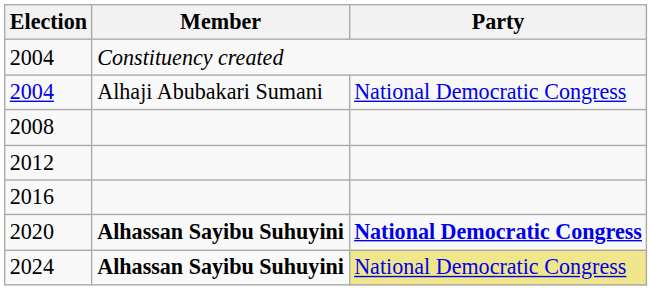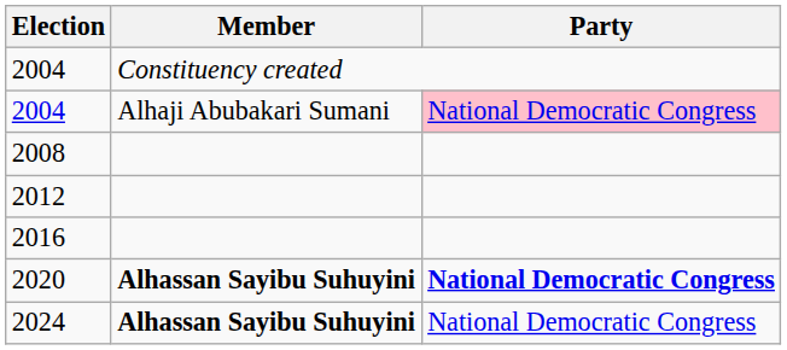 <table class="wikitable">
 <tr>
 <th>Election</th>
 <th>Member</th>
 <th>Party</th>
 </tr>
 <tr>
 <td>2004</td>
 <td colspan=2><em>Constituency created</em></td>
 </tr>
 <tr>
 <td><a href='#'>2004</a></td>
 <td>Alhaji Abubakari Sumani</td>
-<td><a href='#'>National Democratic Congress</a></td>
+<td style="background: pink;"><a href='#'>National Democratic Congress</a></td>
 </tr>
 <tr>
 <td>2008</td>
 <td></td>
 <td></td>
 </tr>
 <tr>
 <td>2012</td>
 <td></td>
 <td></td>
 </tr>
 <tr>
 <td>2016</td>
 <td></td>
 <td></td>
 </tr>
 <tr>
 <td>2020</td>
 <td><strong>Alhassan Sayibu Suhuyini</strong></td>
 <td><strong><a href='#'>National Democratic Congress</a></strong></td>
 </tr>
 <tr>
 <td>2024</td>
 <td><strong>Alhassan Sayibu Suhuyini</strong></td>
-<td style="background: khaki;"><a href='#'>National Democratic Congress</a></td>
+<td><a href='#'>National Democratic Congress</a></td>
 </tr>
 </table>
